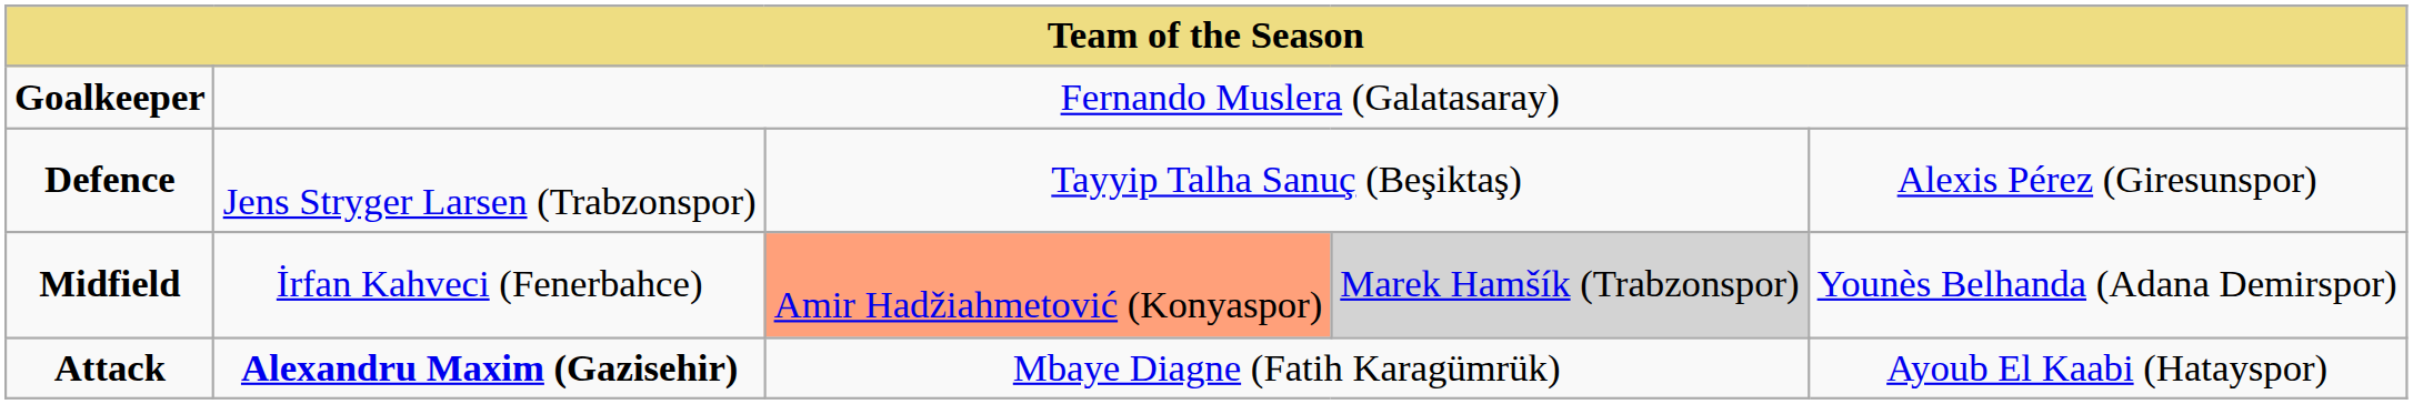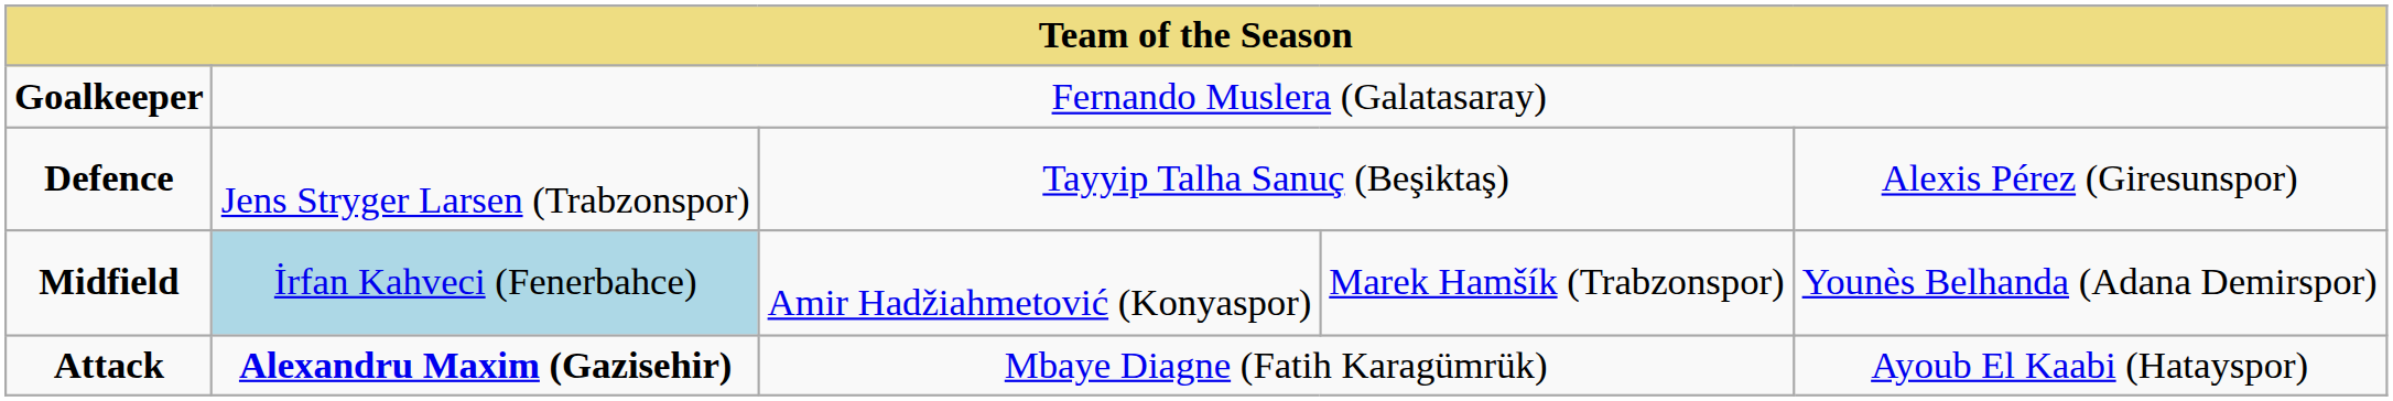 <table class="wikitable" style="text-align:center">
 <tr>
 <th colspan="14" style="background-color: #eedd82">Team of the Season </th>
 </tr>
 <tr>
 <td><strong>Goalkeeper</strong></td>
 <td colspan="5"> <a href='#'>Fernando Muslera</a> (Galatasaray)</td>
 </tr>
 <tr>
 <td><strong>Defence</strong></td>
 <td lowspan="1"><br><a href='#'>Jens Stryger Larsen</a> (Trabzonspor)</td>
 <td colspan="3" lowspan="1"> <a href='#'>Tayyip Talha Sanuç</a> (Beşiktaş)</td>
 <td colspan="1"> <a href='#'>Alexis Pérez</a> (Giresunspor)</td>
 </tr>
 <tr>
 <td><strong>Midfield</strong></td>
-<td> <a href='#'>İrfan Kahveci</a> (Fenerbahce)</td>
-<td lowspan="1" style="background: lightsalmon;"><br> <a href='#'>Amir Hadžiahmetović</a> (Konyaspor)</td>
-<td style="background: lightgrey;"> <a href='#'>Marek Hamšík</a> (Trabzonspor)</td>
+<td style="background: lightblue;"> <a href='#'>İrfan Kahveci</a> (Fenerbahce)</td>
+<td lowspan="1"><br> <a href='#'>Amir Hadžiahmetović</a> (Konyaspor)</td>
+<td> <a href='#'>Marek Hamšík</a> (Trabzonspor)</td>
 <td colspan="2" lowspan="1"> <a href='#'>Younès Belhanda</a> (Adana Demirspor)</td>
 </tr>
 <tr>
 <td><strong>Attack</strong></td>
 <td><strong> <a href='#'>Alexandru Maxim</a> (Gazisehir)</strong></td>
 <td colspan="3"> <a href='#'>Mbaye Diagne</a> (Fatih Karagümrük)</td>
 <td> <a href='#'>Ayoub El Kaabi</a> (Hatayspor)</td>
 </tr>
 </table>
